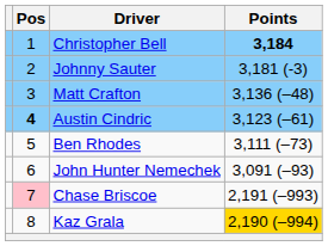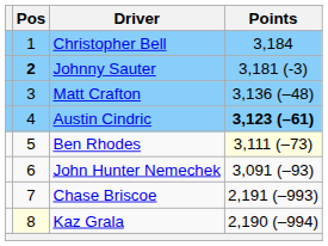 <table class="wikitable" style="font-size: 95%;">
 <tr>
 <th></th>
 <th>Pos</th>
 <th>Driver</th>
 <th>Points</th>
 </tr>
 <tr style="background:#87CEFA;">
 <td align="left"></td>
 <td style="text-align:center;">1</td>
 <td><a href='#'>Christopher Bell</a></td>
-<td style="text-align:center;"><strong>3,184</strong></td>
+<td style="text-align:center;">3,184</td>
 </tr>
 <tr style="background:#87CEFA;">
 <td align="left"></td>
-<td style="text-align:center;">2</td>
+<td style="text-align:center;"><strong>2</strong></td>
 <td><a href='#'>Johnny Sauter</a></td>
 <td style="text-align:center;">3,181 (-3)</td>
 </tr>
 <tr style="background:#87CEFA;">
 <td align="left"></td>
 <td style="text-align:center;">3</td>
 <td><a href='#'>Matt Crafton</a></td>
 <td style="text-align:center;">3,136 (–48)</td>
 </tr>
 <tr style="background:#87CEFA;">
 <td align="left"></td>
-<td style="text-align:center;"><strong>4</strong></td>
+<td style="text-align:center;">4</td>
 <td><a href='#'>Austin Cindric</a></td>
-<td style="text-align:center;">3,123 (–61)</td>
+<td style="text-align:center;"><strong>3,123 (–61)</strong></td>
 </tr>
 <tr>
 <td align="left"></td>
 <td style="text-align:center;">5</td>
 <td><a href='#'>Ben Rhodes</a></td>
-<td style="text-align:center;">3,111 (–73)</td>
+<td style="background: lightyellow; text-align:center;">3,111 (–73)</td>
 </tr>
 <tr>
 <td align="left"></td>
 <td style="text-align:center;">6</td>
 <td><a href='#'>John Hunter Nemechek</a></td>
 <td style="text-align:center;">3,091 (–93)</td>
 </tr>
 <tr>
 <td align="left"></td>
-<td style="background: pink; text-align:center;">7</td>
+<td style="text-align:center;">7</td>
 <td><a href='#'>Chase Briscoe</a></td>
 <td style="text-align:center;">2,191 (–993)</td>
 </tr>
 <tr>
 <td align="left"></td>
-<td style="text-align:center;">8</td>
+<td style="background: lightyellow; text-align:center;">8</td>
 <td><a href='#'>Kaz Grala</a></td>
-<td style="background: gold; text-align:center;">2,190 (–994)</td>
+<td style="text-align:center;">2,190 (–994)</td>
 </tr>
 <tr class="sortbottom">
 <th colspan="9"></th>
 </tr>
 </table>
